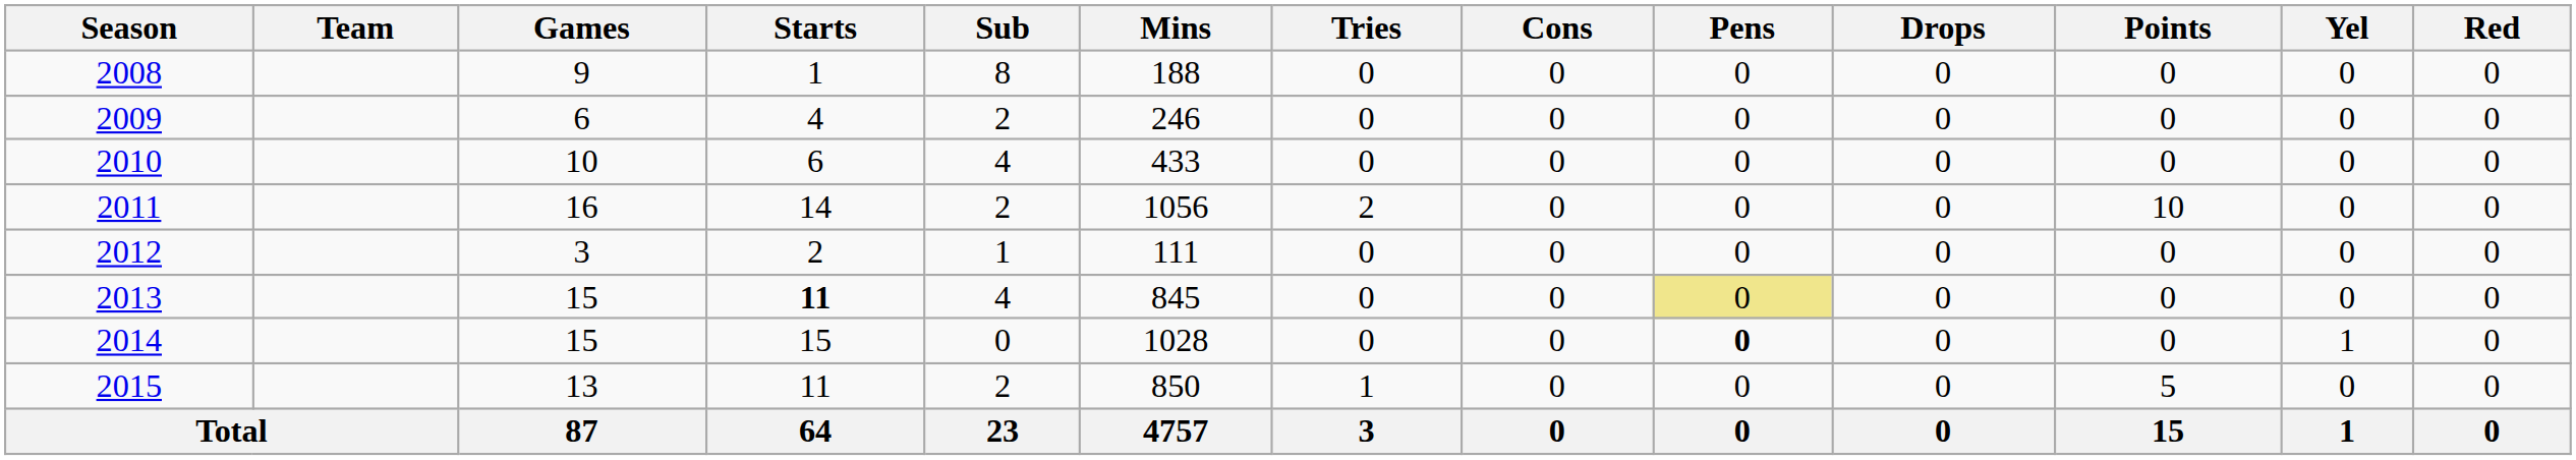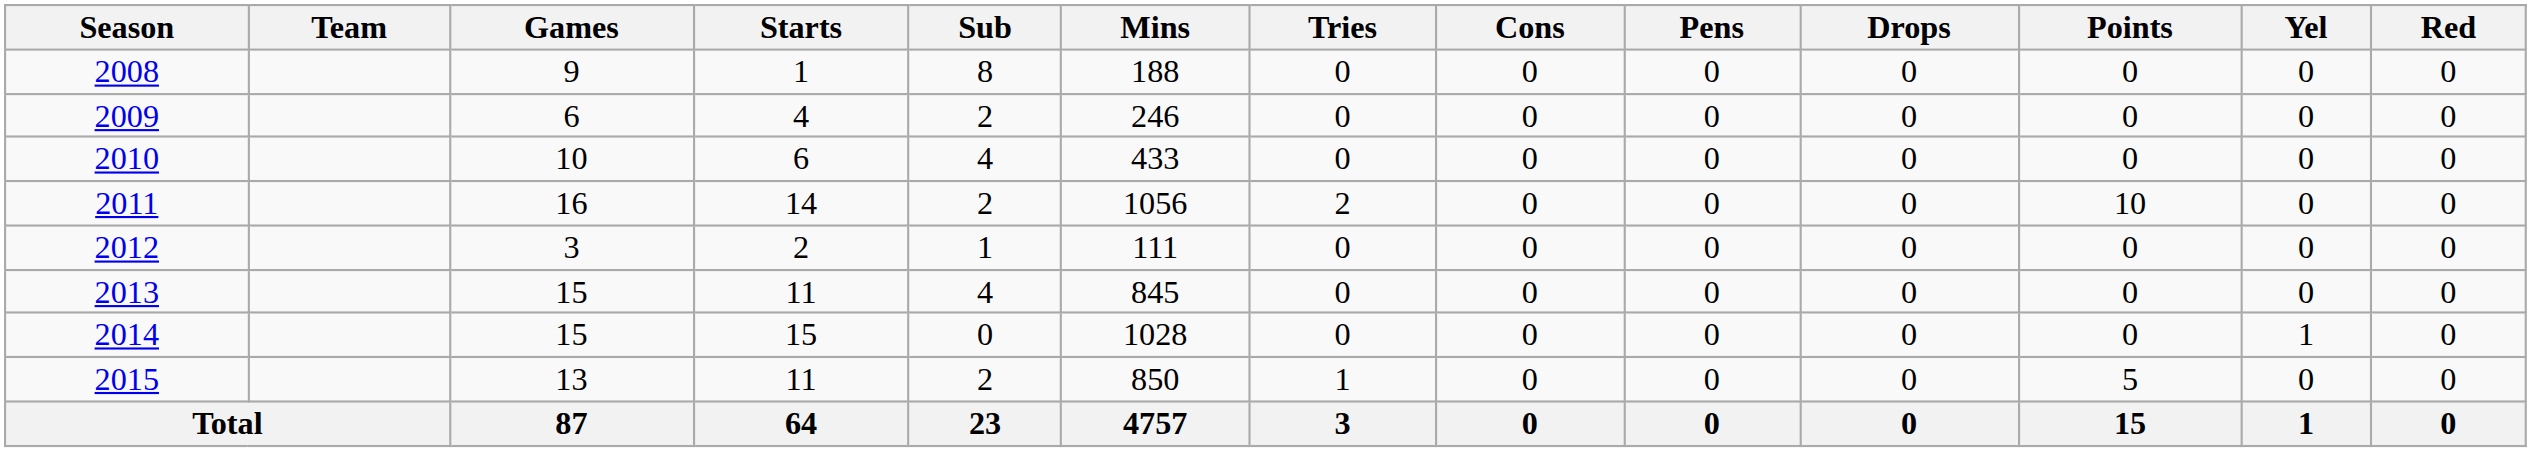 <table class="wikitable" style="text-align:center; line-height:90%; font-size:95%; width:60%;">
 <tr>
 <th>Season</th>
 <th>Team</th>
 <th>Games</th>
 <th>Starts</th>
 <th>Sub</th>
 <th>Mins</th>
 <th>Tries</th>
 <th>Cons</th>
 <th>Pens</th>
 <th>Drops</th>
 <th>Points</th>
 <th>Yel</th>
 <th>Red</th>
 </tr>
 <tr>
 <td><a href='#'>2008</a></td>
 <td></td>
 <td>9</td>
 <td>1</td>
 <td>8</td>
 <td>188</td>
 <td>0</td>
 <td>0</td>
 <td>0</td>
 <td>0</td>
 <td>0</td>
 <td>0</td>
 <td>0</td>
 </tr>
 <tr>
 <td><a href='#'>2009</a></td>
 <td></td>
 <td>6</td>
 <td>4</td>
 <td>2</td>
 <td>246</td>
 <td>0</td>
 <td>0</td>
 <td>0</td>
 <td>0</td>
 <td>0</td>
 <td>0</td>
 <td>0</td>
 </tr>
 <tr>
 <td><a href='#'>2010</a></td>
 <td></td>
 <td>10</td>
 <td>6</td>
 <td>4</td>
 <td>433</td>
 <td>0</td>
 <td>0</td>
 <td>0</td>
 <td>0</td>
 <td>0</td>
 <td>0</td>
 <td>0</td>
 </tr>
 <tr>
 <td><a href='#'>2011</a></td>
 <td></td>
 <td>16</td>
 <td>14</td>
 <td>2</td>
 <td>1056</td>
 <td>2</td>
 <td>0</td>
 <td>0</td>
 <td>0</td>
 <td>10</td>
 <td>0</td>
 <td>0</td>
 </tr>
 <tr>
 <td><a href='#'>2012</a></td>
 <td></td>
 <td>3</td>
 <td>2</td>
 <td>1</td>
 <td>111</td>
 <td>0</td>
 <td>0</td>
 <td>0</td>
 <td>0</td>
 <td>0</td>
 <td>0</td>
 <td>0</td>
 </tr>
 <tr>
 <td><a href='#'>2013</a></td>
 <td></td>
 <td>15</td>
-<td><strong>11</strong></td>
+<td>11</td>
 <td>4</td>
 <td>845</td>
 <td>0</td>
 <td>0</td>
-<td style="background: khaki;">0</td>
+<td>0</td>
 <td>0</td>
 <td>0</td>
 <td>0</td>
 <td>0</td>
 </tr>
 <tr>
 <td><a href='#'>2014</a></td>
 <td></td>
 <td>15</td>
 <td>15</td>
 <td>0</td>
 <td>1028</td>
 <td>0</td>
 <td>0</td>
-<td><strong>0</strong></td>
+<td>0</td>
 <td>0</td>
 <td>0</td>
 <td>1</td>
 <td>0</td>
 </tr>
 <tr>
 <td><a href='#'>2015</a></td>
 <td></td>
 <td>13</td>
 <td>11</td>
 <td>2</td>
 <td>850</td>
 <td>1</td>
 <td>0</td>
 <td>0</td>
 <td>0</td>
 <td>5</td>
 <td>0</td>
 <td>0</td>
 </tr>
 <tr>
 <th colspan="2">Total</th>
 <th>87</th>
 <th>64</th>
 <th>23</th>
 <th>4757</th>
 <th>3</th>
 <th>0</th>
 <th>0</th>
 <th>0</th>
 <th>15</th>
 <th>1</th>
 <th>0</th>
 </tr>
 </table>
